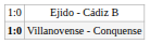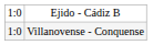 <table class="wikitable">
 <tr align=center bgcolor=white>
 <td>1:0</td>
 <td>Ejido - Cádiz B</td>
 </tr>
 <tr align=center bgcolor=#F5F5F5>
-<td><strong>1:0</strong></td>
+<td>1:0</td>
 <td>Villanovense - Conquense</td>
 </tr>
 </table>
